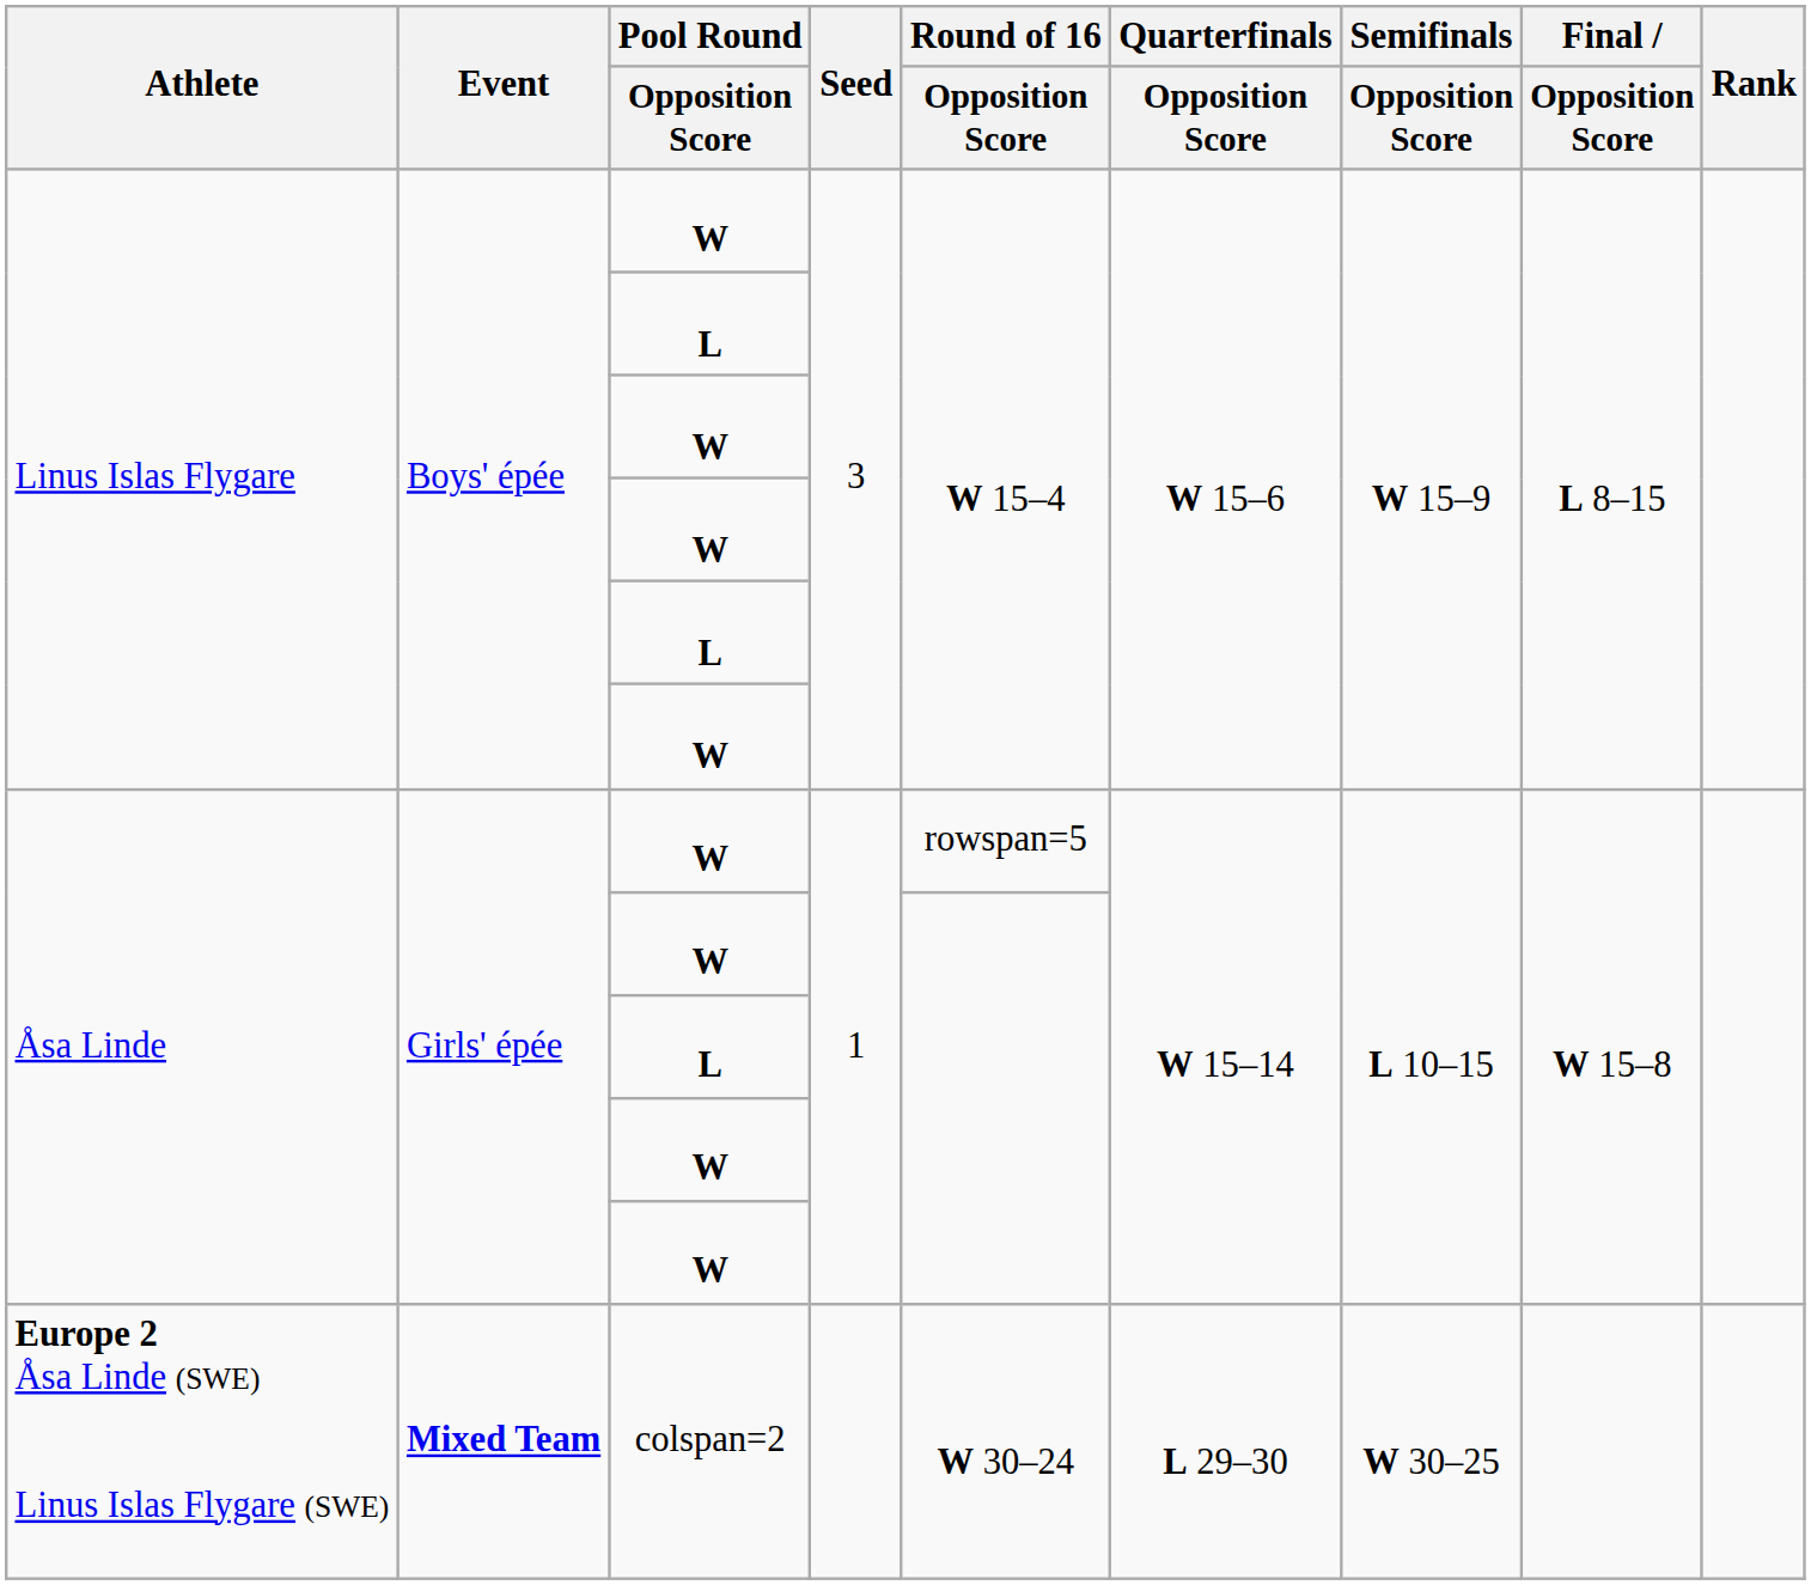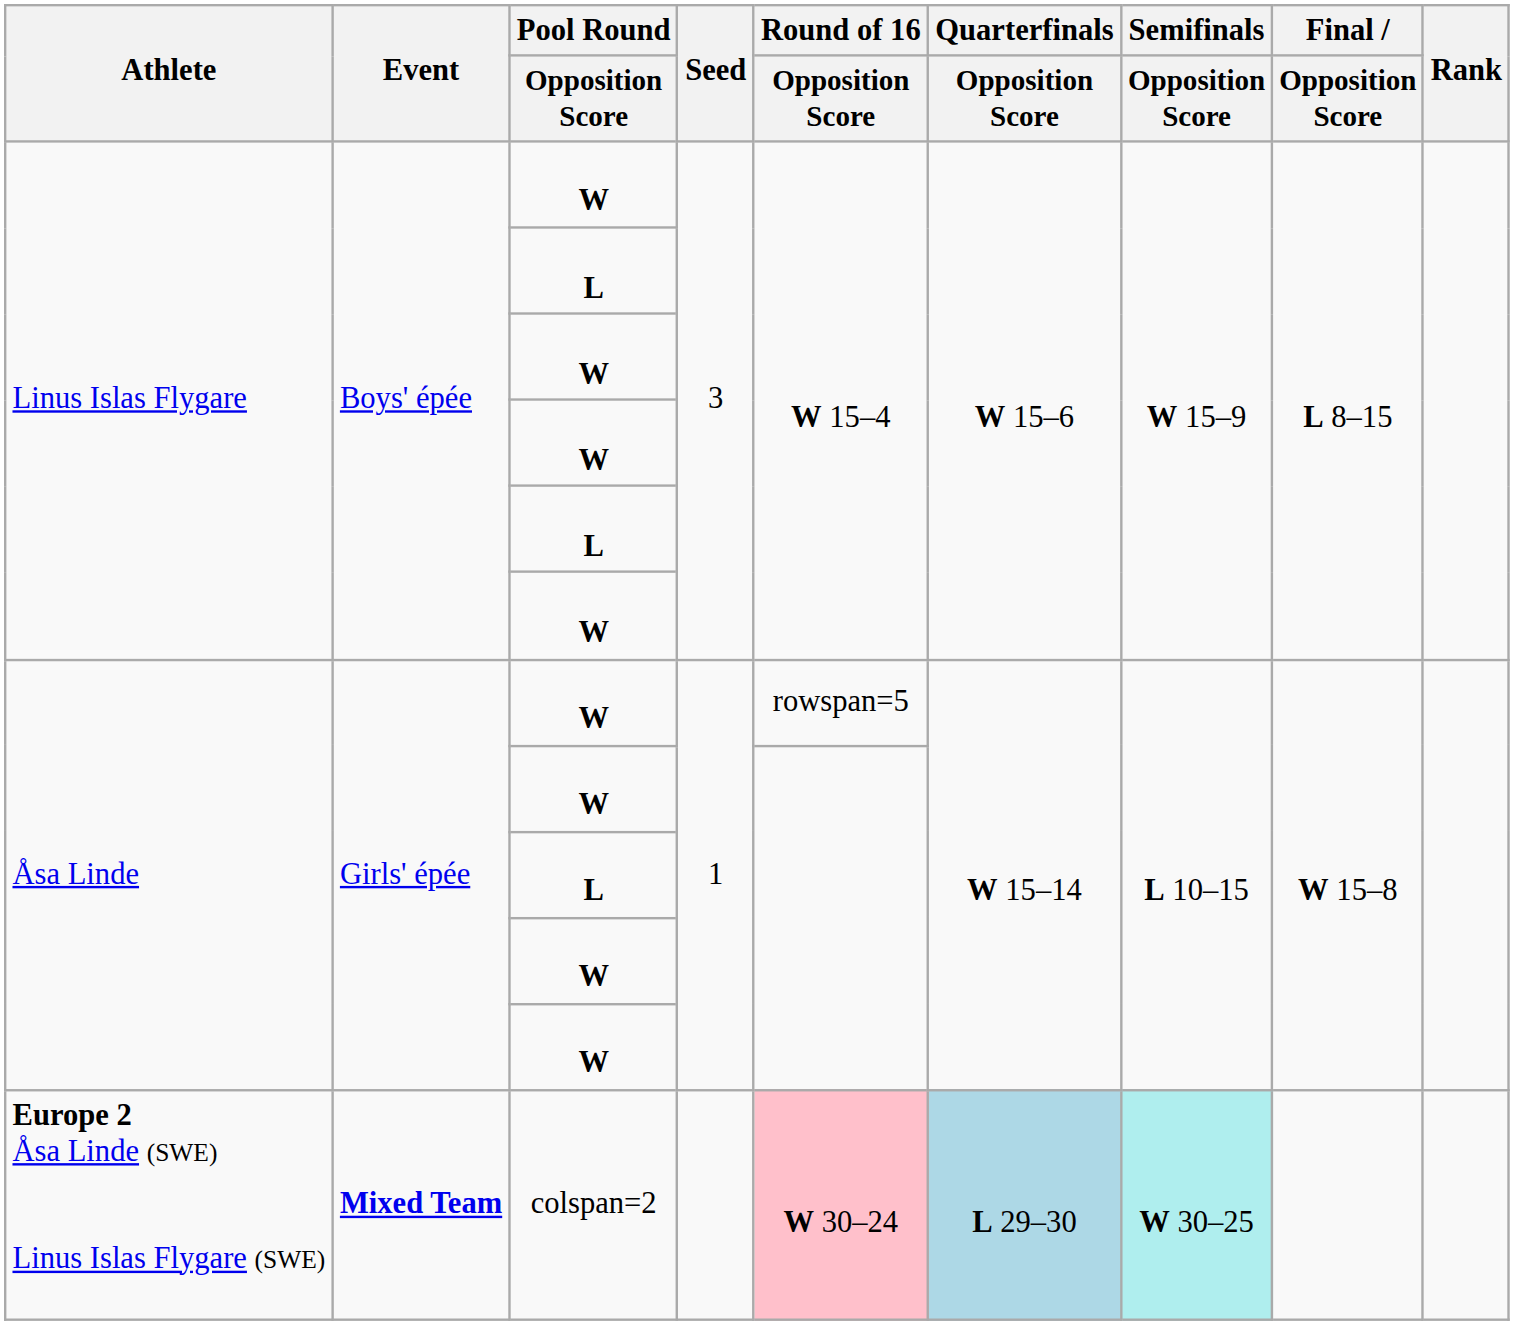 <table class=wikitable style="font-size:80%">
 <tr>
 <th rowspan="2">Athlete</th>
 <th rowspan="2">Event</th>
 <th>Pool Round</th>
 <th rowspan="2">Seed</th>
 <th>Round of 16</th>
 <th>Quarterfinals</th>
 <th>Semifinals</th>
 <th>Final / </th>
 <th rowspan=2>Rank</th>
 </tr>
 <tr style="font-size:95%">
 <th>Opposition<br>Score</th>
 <th>Opposition<br>Score</th>
 <th>Opposition<br>Score</th>
 <th>Opposition<br>Score</th>
 <th>Opposition<br>Score</th>
 </tr>
 <tr align=center>
 <td align=left rowspan=6><a href='#'>Linus Islas Flygare</a></td>
 <td align=left rowspan=6><a href='#'>Boys' épée</a></td>
 <td><br><strong>W</strong></td>
 <td rowspan=6>3</td>
 <td rowspan=6><br><strong>W</strong> 15–4</td>
 <td rowspan=6><br><strong>W</strong> 15–6</td>
 <td rowspan=6><br><strong>W</strong> 15–9</td>
 <td rowspan=6><br><strong>L</strong> 8–15</td>
 <td rowspan=6></td>
 </tr>
 <tr>
 <td align=center><br><strong>L</strong></td>
 </tr>
 <tr>
 <td align=center><br><strong>W</strong></td>
 </tr>
 <tr>
 <td align=center><br><strong>W</strong></td>
 </tr>
 <tr>
 <td align=center><br><strong>L</strong></td>
 </tr>
 <tr>
 <td align=center><br><strong>W</strong></td>
 </tr>
 <tr align=center>
 <td align=left rowspan=5><a href='#'>Åsa Linde</a></td>
 <td align=left rowspan=5><a href='#'>Girls' épée</a></td>
 <td><br><strong>W</strong></td>
 <td rowspan=5>1</td>
 <td>rowspan=5 </td>
 <td rowspan=5><br><strong>W</strong> 15–14</td>
 <td rowspan=5><br><strong>L</strong> 10–15</td>
 <td rowspan=5><br><strong>W</strong> 15–8</td>
 <td rowspan=5></td>
 </tr>
 <tr>
 <td align=center><br><strong>W</strong></td>
 </tr>
 <tr>
 <td align=center><br><strong>L</strong></td>
 </tr>
 <tr>
 <td align=center><br><strong>W</strong></td>
 </tr>
 <tr>
 <td align=center><br><strong>W</strong></td>
 </tr>
 <tr align=center>
 <td align=left><strong>Europe 2</strong><br> <a href='#'>Åsa Linde</a> <small>(SWE)</small><br><br><br> <a href='#'>Linus Islas Flygare</a> <small>(SWE)</small><br><br></td>
 <td align=left><strong><a href='#'>Mixed Team</a></strong></td>
 <td>colspan=2 </td>
 <td></td>
-<td><br><strong>W</strong> 30–24</td>
-<td><br><strong>L</strong> 29–30</td>
-<td><br><strong>W</strong> 30–25</td>
+<td style="background: pink;"><br><strong>W</strong> 30–24</td>
+<td style="background: lightblue;"><br><strong>L</strong> 29–30</td>
+<td style="background: paleturquoise;"><br><strong>W</strong> 30–25</td>
 <td></td>
 </tr>
 </table>
